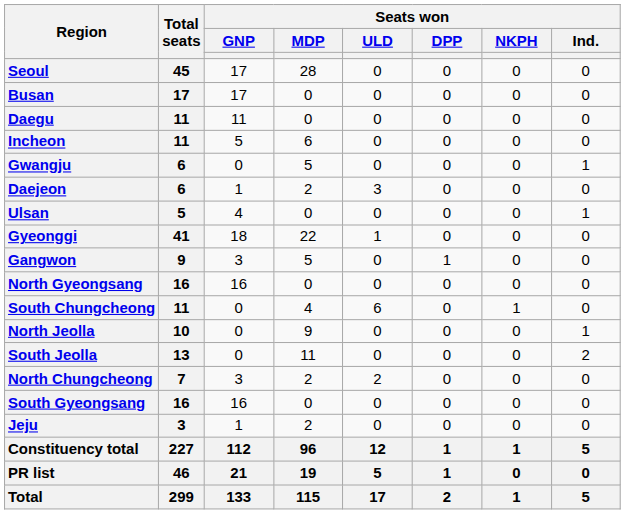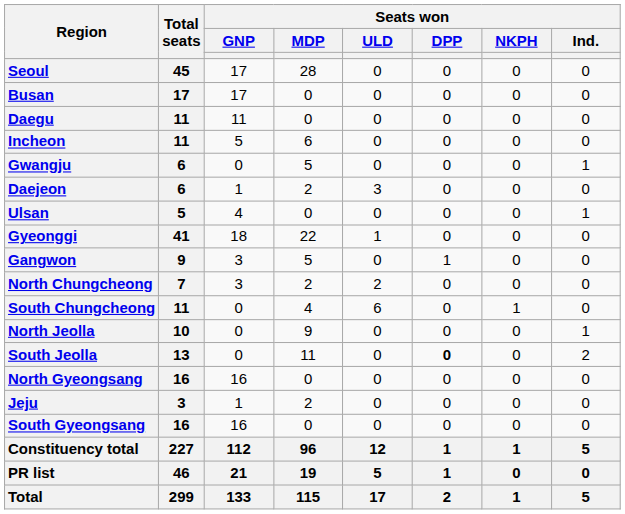 <table class="wikitable" style="text-align:center; font-size: 0.9em">
 <tr>
 <th rowspan="3">Region</th>
 <th rowspan="3">Total<br>seats</th>
 <th colspan="6">Seats won</th>
 </tr>
 <tr>
 <th class="unsortable" style="width:60px"><a href='#'>GNP</a></th>
 <th class="unsortable" style="width:60px"><a href='#'>MDP</a></th>
 <th class="unsortable" style="width:60px"><a href='#'>ULD</a></th>
 <th class="unsortable" style="width:60px"><a href='#'>DPP</a></th>
 <th class="unsortable" style="width:60px"><a href='#'>NKPH</a></th>
 <th class="unsortable" style="width:60px">Ind.</th>
 </tr>
 <tr>
 <th style="background:"></th>
 <th style="background:"></th>
 <th style="background:"></th>
 <th style="background:"></th>
 <th style="background:"></th>
 <th style="background:"></th>
 </tr>
 <tr>
 <th style="text-align: left"><a href='#'>Seoul</a></th>
 <th>45</th>
 <td>17</td>
 <td>28</td>
 <td>0</td>
 <td>0</td>
 <td>0</td>
 <td>0</td>
 </tr>
 <tr>
 <th style="text-align: left"><a href='#'>Busan</a></th>
 <th>17</th>
 <td>17</td>
 <td>0</td>
 <td>0</td>
 <td>0</td>
 <td>0</td>
 <td>0</td>
 </tr>
 <tr>
 <th style="text-align: left"><a href='#'>Daegu</a></th>
 <th>11</th>
 <td>11</td>
 <td>0</td>
 <td>0</td>
 <td>0</td>
 <td>0</td>
 <td>0</td>
 </tr>
 <tr>
 <th style="text-align: left"><a href='#'>Incheon</a></th>
 <th>11</th>
 <td>5</td>
 <td>6</td>
 <td>0</td>
 <td>0</td>
 <td>0</td>
 <td>0</td>
 </tr>
 <tr>
 <th style="text-align: left"><a href='#'>Gwangju</a></th>
 <th>6</th>
 <td>0</td>
 <td>5</td>
 <td>0</td>
 <td>0</td>
 <td>0</td>
 <td>1</td>
 </tr>
 <tr>
 <th style="text-align: left"><a href='#'>Daejeon</a></th>
 <th>6</th>
 <td>1</td>
 <td>2</td>
 <td>3</td>
 <td>0</td>
 <td>0</td>
 <td>0</td>
 </tr>
 <tr>
 <th style="text-align: left"><a href='#'>Ulsan</a></th>
 <th>5</th>
 <td>4</td>
 <td>0</td>
 <td>0</td>
 <td>0</td>
 <td>0</td>
 <td>1</td>
 </tr>
 <tr>
 <th style="text-align: left"><a href='#'>Gyeonggi</a></th>
 <th>41</th>
 <td>18</td>
 <td>22</td>
 <td>1</td>
 <td>0</td>
 <td>0</td>
 <td>0</td>
 </tr>
 <tr>
 <th style="text-align: left"><a href='#'>Gangwon</a></th>
 <th>9</th>
 <td>3</td>
 <td>5</td>
 <td>0</td>
 <td>1</td>
 <td>0</td>
 <td>0</td>
 </tr>
 <tr>
-<th style="text-align: left"><a href='#'>North Gyeongsang</a></th>
-<th>16</th>
-<td>16</td>
-<td>0</td>
-<td>0</td>
+<th style="text-align: left"><a href='#'>North Chungcheong</a></th>
+<th>7</th>
+<td>3</td>
+<td>2</td>
+<td>2</td>
 <td>0</td>
 <td>0</td>
 <td>0</td>
 </tr>
 <tr>
 <th style="text-align: left"><a href='#'>South Chungcheong</a></th>
 <th>11</th>
 <td>0</td>
 <td>4</td>
 <td>6</td>
 <td>0</td>
 <td>1</td>
 <td>0</td>
 </tr>
 <tr>
 <th style="text-align: left"><a href='#'>North Jeolla</a></th>
 <th>10</th>
 <td>0</td>
 <td>9</td>
 <td>0</td>
 <td>0</td>
 <td>0</td>
 <td>1</td>
 </tr>
 <tr>
 <th style="text-align: left"><a href='#'>South Jeolla</a></th>
 <th>13</th>
 <td>0</td>
 <td>11</td>
 <td>0</td>
-<td>0</td>
+<td><strong>0</strong></td>
 <td>0</td>
 <td>2</td>
 </tr>
 <tr>
-<th style="text-align: left"><a href='#'>North Chungcheong</a></th>
-<th>7</th>
-<td>3</td>
-<td>2</td>
-<td>2</td>
-<td>0</td>
-<td>0</td>
-<td>0</td>
-</tr>
-<tr>
-<th style="text-align: left"><a href='#'>South Gyeongsang</a></th>
+<th style="text-align: left"><a href='#'>North Gyeongsang</a></th>
 <th>16</th>
 <td>16</td>
 <td>0</td>
 <td>0</td>
 <td>0</td>
 <td>0</td>
 <td>0</td>
 </tr>
 <tr>
 <th style="text-align: left"><a href='#'>Jeju</a></th>
 <th>3</th>
 <td>1</td>
 <td>2</td>
+<td>0</td>
+<td>0</td>
+<td>0</td>
+<td>0</td>
+</tr>
+<tr>
+<th style="text-align: left"><a href='#'>South Gyeongsang</a></th>
+<th>16</th>
+<td>16</td>
+<td>0</td>
 <td>0</td>
 <td>0</td>
 <td>0</td>
 <td>0</td>
 </tr>
 <tr class="sortbottom">
 <th style="text-align: left">Constituency total</th>
 <th>227</th>
 <th>112</th>
 <th>96</th>
 <th>12</th>
 <th>1</th>
 <th>1</th>
 <th>5</th>
 </tr>
 <tr>
 <th style="text-align: left">PR list</th>
 <th>46</th>
 <th>21</th>
 <th>19</th>
 <th>5</th>
 <th>1</th>
 <th>0</th>
 <th>0</th>
 </tr>
 <tr>
 <th style="text-align: left">Total</th>
 <th>299</th>
 <th>133</th>
 <th>115</th>
 <th>17</th>
 <th>2</th>
 <th>1</th>
 <th>5</th>
 </tr>
 </table>
